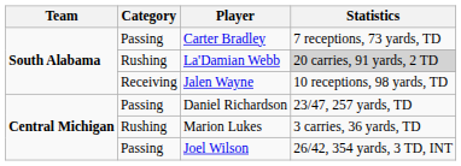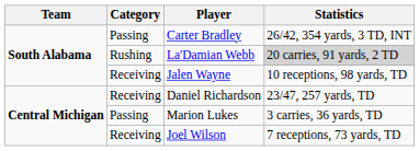 <table class="wikitable" style="float: right;">
 <tr>
 <th>Team</th>
 <th>Category</th>
 <th>Player</th>
 <th>Statistics</th>
 </tr>
 <tr>
 <td rowspan=3><strong>South Alabama</strong></td>
 <td>Passing</td>
 <td><a href='#'>Carter Bradley</a></td>
-<td>7 receptions, 73 yards, TD</td>
+<td>26/42, 354 yards, 3 TD, INT</td>
 </tr>
 <tr>
 <td>Rushing</td>
 <td><a href='#'>La'Damian Webb</a></td>
 <td style="background: lightgrey;">20 carries, 91 yards, 2 TD</td>
 </tr>
 <tr>
 <td>Receiving</td>
 <td><a href='#'>Jalen Wayne</a></td>
 <td>10 receptions, 98 yards, TD</td>
 </tr>
 <tr>
 <td rowspan=3><strong>Central Michigan</strong></td>
-<td>Passing</td>
+<td>Receiving</td>
 <td>Daniel Richardson</td>
 <td>23/47, 257 yards, TD</td>
 </tr>
 <tr>
-<td>Rushing</td>
+<td>Passing</td>
 <td>Marion Lukes</td>
 <td>3 carries, 36 yards, TD</td>
 </tr>
 <tr>
-<td>Passing</td>
+<td>Receiving</td>
 <td><a href='#'>Joel Wilson</a></td>
-<td>26/42, 354 yards, 3 TD, INT</td>
+<td>7 receptions, 73 yards, TD</td>
 </tr>
 </table>
